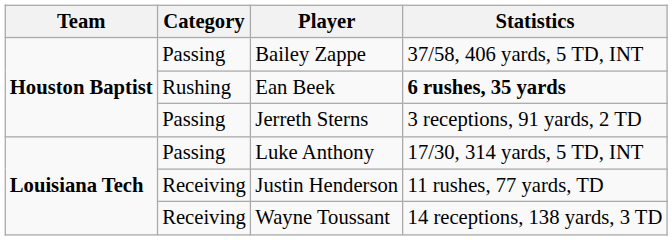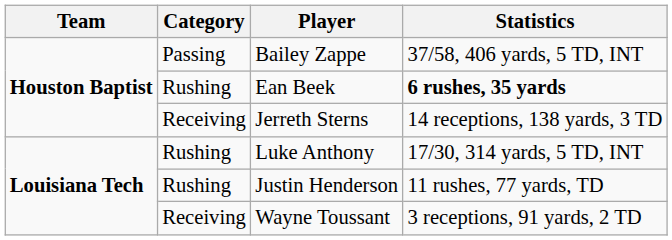 <table class="wikitable" style="float: right;">
 <tr>
 <th>Team</th>
 <th>Category</th>
 <th>Player</th>
 <th>Statistics</th>
 </tr>
 <tr>
 <td rowspan=3><strong>Houston Baptist</strong></td>
 <td>Passing</td>
 <td>Bailey Zappe</td>
 <td>37/58, 406 yards, 5 TD, INT</td>
 </tr>
 <tr>
 <td>Rushing</td>
 <td>Ean Beek</td>
 <td><strong>6 rushes, 35 yards</strong></td>
 </tr>
 <tr>
-<td>Passing</td>
+<td>Receiving</td>
 <td>Jerreth Sterns</td>
-<td>3 receptions, 91 yards, 2 TD</td>
+<td>14 receptions, 138 yards, 3 TD</td>
 </tr>
 <tr>
 <td rowspan=3><strong>Louisiana Tech</strong></td>
-<td>Passing</td>
+<td>Rushing</td>
 <td>Luke Anthony</td>
 <td>17/30, 314 yards, 5 TD, INT</td>
 </tr>
 <tr>
-<td>Receiving</td>
+<td>Rushing</td>
 <td>Justin Henderson</td>
 <td>11 rushes, 77 yards, TD</td>
 </tr>
 <tr>
 <td>Receiving</td>
 <td>Wayne Toussant</td>
-<td>14 receptions, 138 yards, 3 TD</td>
+<td>3 receptions, 91 yards, 2 TD</td>
 </tr>
 </table>
